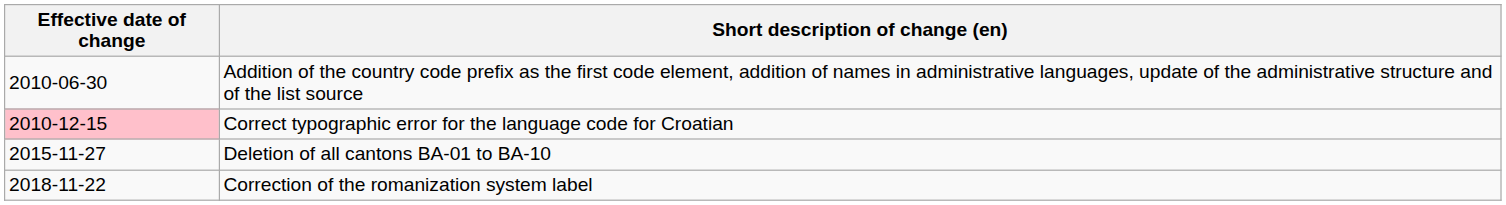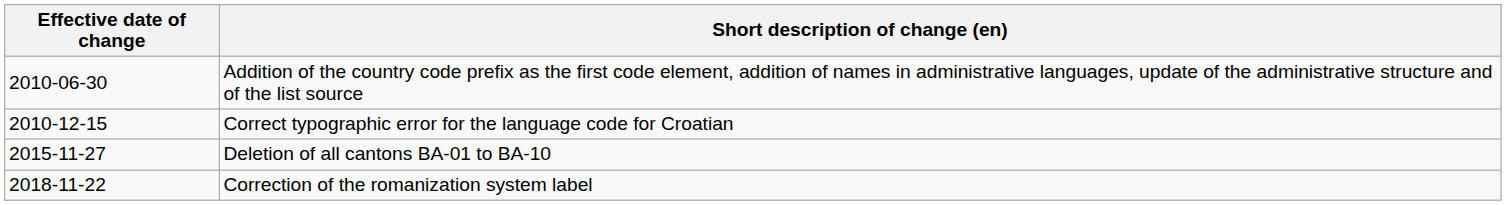 <table class="wikitable">
 <tr>
 <th>Effective date of change</th>
 <th>Short description of change (en)</th>
 </tr>
 <tr>
 <td>2010-06-30</td>
 <td>Addition of the country code prefix as the first code element, addition of names in administrative languages, update of the administrative structure and of the list source</td>
 </tr>
 <tr>
-<td style="background: pink;">2010-12-15</td>
+<td>2010-12-15</td>
 <td>Correct typographic error for the language code for Croatian</td>
 </tr>
 <tr>
 <td>2015-11-27</td>
 <td>Deletion of all cantons BA-01 to BA-10</td>
 </tr>
 <tr>
 <td>2018-11-22</td>
 <td>Correction of the romanization system label</td>
 </tr>
 </table>
